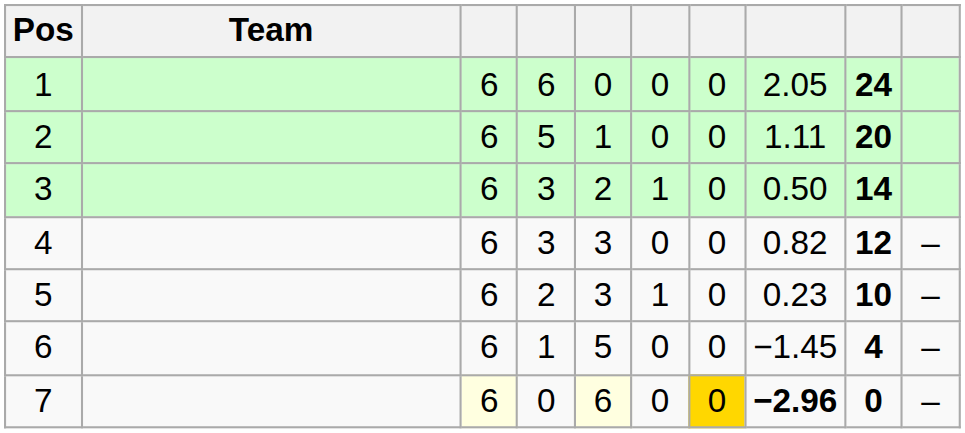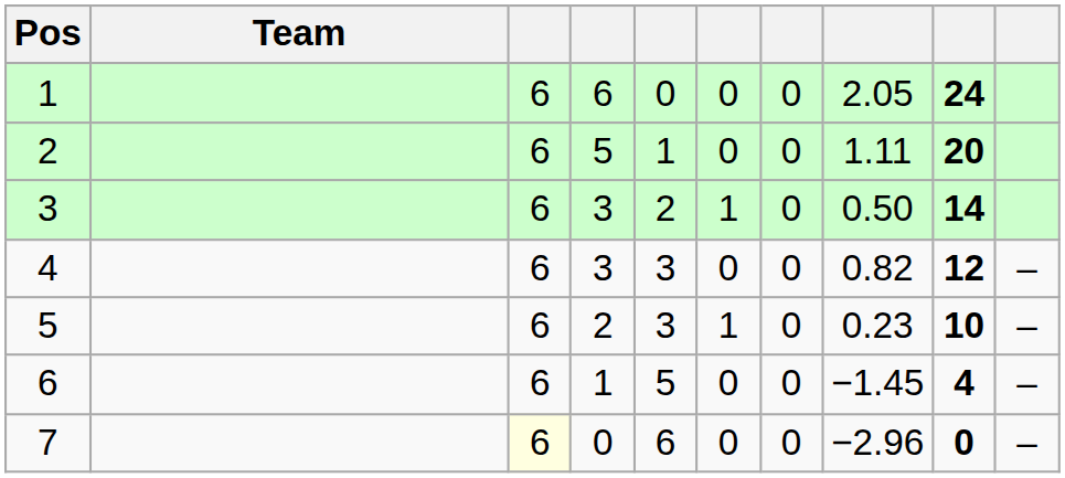 <table class="wikitable" style="text-align:center">
 <tr>
 <th>Pos</th>
 <th width=175>Team</th>
 <th width=20></th>
 <th width=20></th>
 <th width=20></th>
 <th width=20></th>
 <th width=20></th>
 <th width=20></th>
 <th width=20></th>
 <th width=20></th>
 </tr>
 <tr bgcolor="#cfc">
 <td>1</td>
 <td align="left"></td>
 <td>6</td>
 <td>6</td>
 <td>0</td>
 <td>0</td>
 <td>0</td>
 <td>2.05</td>
 <td><strong>24</strong></td>
 <td></td>
 </tr>
 <tr bgcolor="#cfc">
 <td>2</td>
 <td align="left"></td>
 <td>6</td>
 <td>5</td>
 <td>1</td>
 <td>0</td>
 <td>0</td>
 <td>1.11</td>
 <td><strong>20</strong></td>
 <td></td>
 </tr>
 <tr bgcolor="#cfc">
 <td>3</td>
 <td align="left"></td>
 <td>6</td>
 <td>3</td>
 <td>2</td>
 <td>1</td>
 <td>0</td>
 <td>0.50</td>
 <td><strong>14</strong></td>
 <td></td>
 </tr>
 <tr>
 <td>4</td>
 <td align="left"></td>
 <td>6</td>
 <td>3</td>
 <td>3</td>
 <td>0</td>
 <td>0</td>
 <td>0.82</td>
 <td><strong>12</strong></td>
 <td>–</td>
 </tr>
 <tr>
 <td>5</td>
 <td align="left"></td>
 <td>6</td>
 <td>2</td>
 <td>3</td>
 <td>1</td>
 <td>0</td>
 <td>0.23</td>
 <td><strong>10</strong></td>
 <td>–</td>
 </tr>
 <tr>
 <td>6</td>
 <td align="left"></td>
 <td>6</td>
 <td>1</td>
 <td>5</td>
 <td>0</td>
 <td>0</td>
 <td>−1.45</td>
 <td><strong>4</strong></td>
 <td>–</td>
 </tr>
 <tr>
 <td>7</td>
 <td align="left"></td>
 <td style="background: lightyellow;">6</td>
 <td>0</td>
-<td style="background: lightyellow;">6</td>
+<td>6</td>
 <td>0</td>
-<td style="background: gold;">0</td>
-<td><strong>−2.96</strong></td>
+<td>0</td>
+<td>−2.96</td>
 <td><strong>0</strong></td>
 <td>–</td>
 </tr>
 </table>
